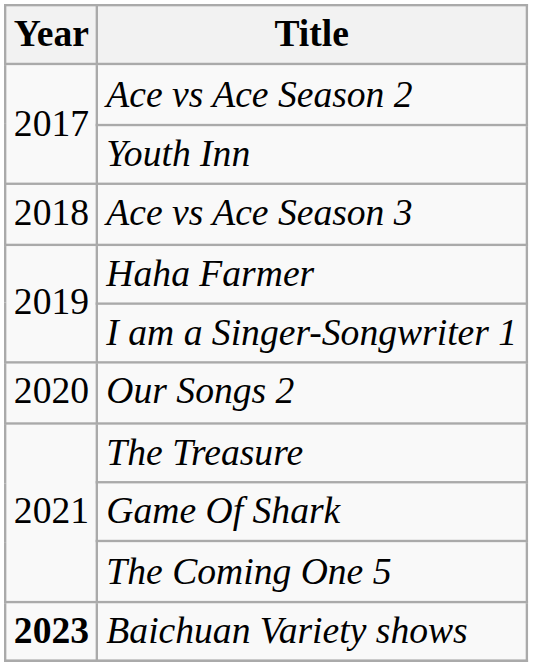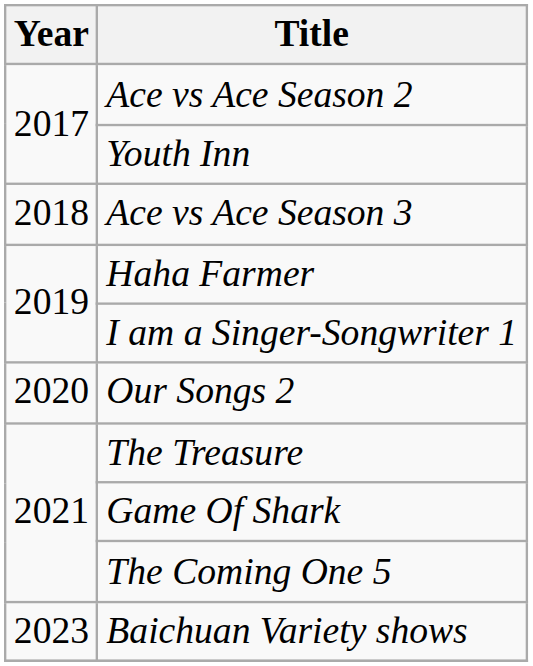 <table class="wikitable">
 <tr>
 <th>Year</th>
 <th>Title</th>
 </tr>
 <tr>
 <td rowspan=2>2017</td>
 <td><em>Ace vs Ace Season 2</em></td>
 </tr>
 <tr>
 <td><em>Youth Inn</em></td>
 </tr>
 <tr>
 <td>2018</td>
 <td><em>Ace vs Ace Season 3</em></td>
 </tr>
 <tr>
 <td rowspan=2>2019</td>
 <td><em>Haha Farmer</em></td>
 </tr>
 <tr>
 <td><em>I am a Singer-Songwriter 1</em></td>
 </tr>
 <tr>
 <td>2020</td>
 <td><em>Our Songs 2</em></td>
 </tr>
 <tr>
 <td rowspan=3>2021</td>
 <td><em>The Treasure</em></td>
 </tr>
 <tr>
 <td><em>Game Of Shark</em></td>
 </tr>
 <tr>
 <td><em>The Coming One 5</em></td>
 </tr>
 <tr>
-<td><strong>2023</strong></td>
+<td>2023</td>
 <td><em>Baichuan Variety shows</em></td>
 </tr>
 <tr>
 </tr>
 </table>
